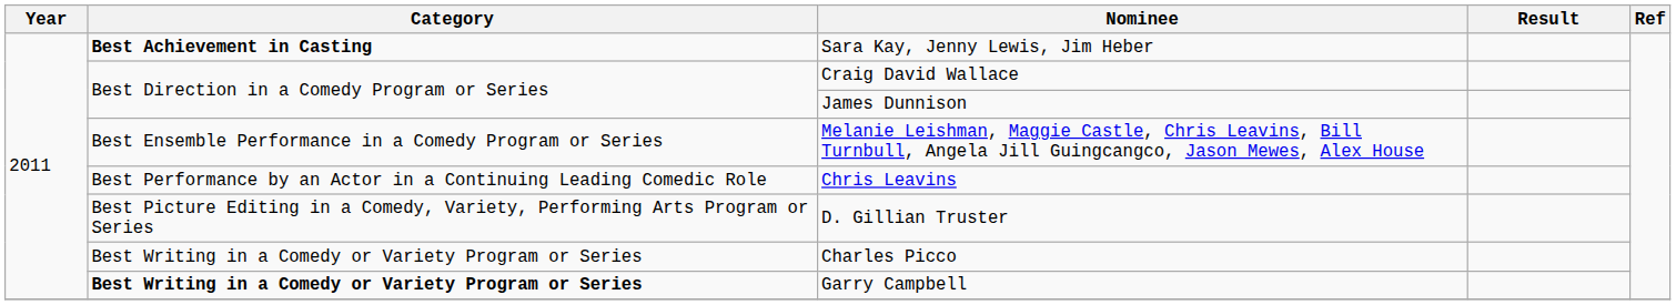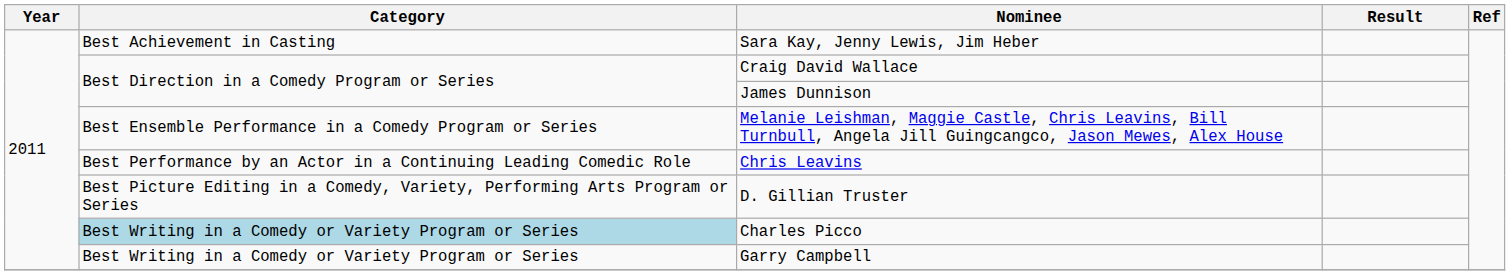 <table class="wikitable">
 <tr>
 <th width=5%>Year</th>
 <th width=45%>Category</th>
 <th width=40%>Nominee</th>
 <th width=10%>Result</th>
 <th width=5%>Ref</th>
 </tr>
 <tr>
 <td rowspan="8">2011</td>
-<td><strong>Best Achievement in Casting</strong></td>
+<td>Best Achievement in Casting</td>
 <td>Sara Kay, Jenny Lewis, Jim Heber</td>
 <td></td>
 <td rowspan="8"></td>
 </tr>
 <tr>
 <td rowspan="2">Best Direction in a Comedy Program or Series</td>
 <td>Craig David Wallace</td>
 <td></td>
 </tr>
 <tr>
 <td>James Dunnison</td>
 <td></td>
 </tr>
 <tr>
 <td>Best Ensemble Performance in a Comedy Program or Series</td>
 <td><a href='#'>Melanie Leishman</a>, <a href='#'>Maggie Castle</a>, <a href='#'>Chris Leavins</a>, <a href='#'>Bill Turnbull</a>, Angela Jill Guingcangco, <a href='#'>Jason Mewes</a>, <a href='#'>Alex House</a></td>
 <td></td>
 </tr>
 <tr>
 <td>Best Performance by an Actor in a Continuing Leading Comedic Role</td>
 <td><a href='#'>Chris Leavins</a></td>
 <td></td>
 </tr>
 <tr>
 <td>Best Picture Editing in a Comedy, Variety, Performing Arts Program or Series</td>
 <td>D. Gillian Truster</td>
 <td></td>
 </tr>
 <tr>
-<td>Best Writing in a Comedy or Variety Program or Series</td>
+<td style="background: lightblue;">Best Writing in a Comedy or Variety Program or Series</td>
 <td>Charles Picco</td>
 <td></td>
 </tr>
 <tr>
-<td><strong>Best Writing in a Comedy or Variety Program or Series</strong></td>
+<td>Best Writing in a Comedy or Variety Program or Series</td>
 <td>Garry Campbell</td>
 <td></td>
 </tr>
 <tr>
 </tr>
 </table>
